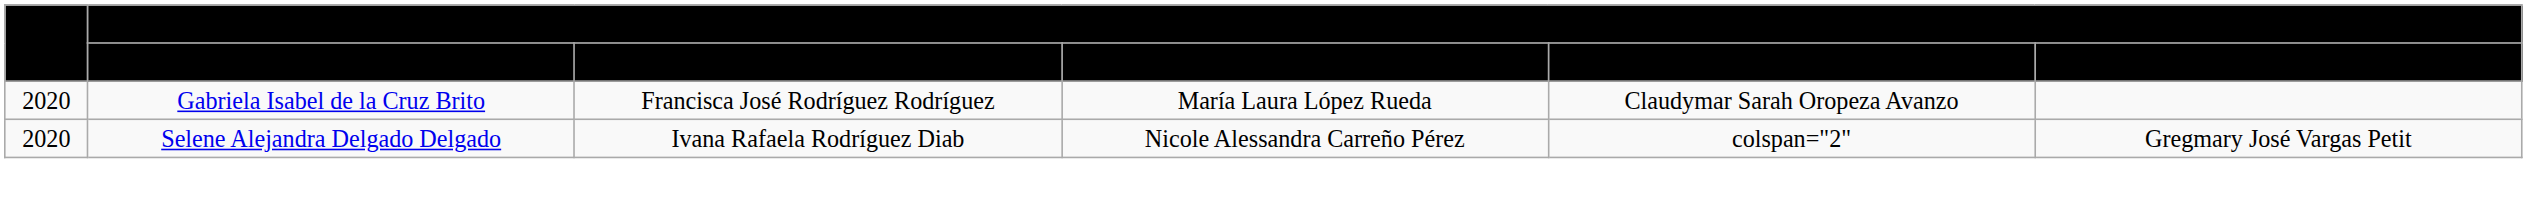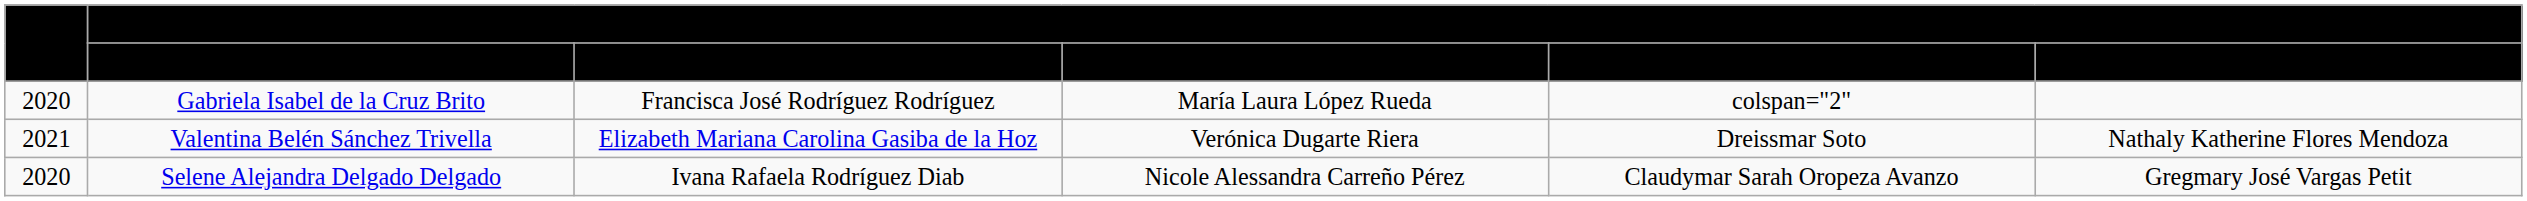 <table class="wikitable" style="text-align:center; font-size:95%; line-height:17px; width:100%;">
 <tr>
 <th rowspan="2" style="background:black; width:01%;" scope="col"><span>Year</span></th>
 <th colspan="5" style="background:black; width:10%;" scope="col"><span>Miss Supranational Venezuela Runners-Up</span></th>
 </tr>
 <tr>
 <th style="background:black; width:10%;" scope="col"><span>Miss Supranational</span></th>
 <th style="background:black; width:10%;" scope="col"><span>1st Runner-Up</span></th>
 <th style="background:black; width:10%;" scope="col"><span>2nd Runner-Up</span></th>
 <th style="background:black; width:10%;" scope="col"><span>3rd Runner-Up</span></th>
 <th style="background:black; width:10%;" scope="col"><span>4th Runner-Up</span></th>
 </tr>
 <tr>
 <td>2020</td>
 <td><a href='#'>Gabriela Isabel de la Cruz Brito</a></td>
 <td>Francisca José Rodríguez Rodríguez</td>
 <td>María Laura López Rueda</td>
-<td>Claudymar Sarah Oropeza Avanzo</td>
+<td>colspan="2" </td>
+</tr>
+<tr>
+<td>2021</td>
+<td><a href='#'>Valentina Belén Sánchez Trivella</a></td>
+<td><a href='#'>Elizabeth Mariana Carolina Gasiba de la Hoz</a></td>
+<td>Verónica Dugarte Riera</td>
+<td>Dreissmar Soto</td>
+<td>Nathaly Katherine Flores Mendoza</td>
 </tr>
 <tr>
 <td>2020</td>
 <td><a href='#'>Selene Alejandra Delgado Delgado</a></td>
 <td>Ivana Rafaela Rodríguez Diab</td>
 <td>Nicole Alessandra Carreño Pérez</td>
-<td>colspan="2" </td>
+<td>Claudymar Sarah Oropeza Avanzo</td>
 <td>Gregmary José Vargas Petit</td>
 </tr>
 </table>
